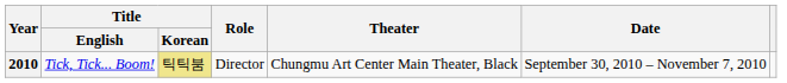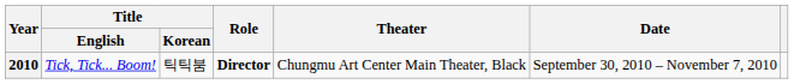 <table class="wikitable sortable plainrowheaders">
 <tr>
 <th rowspan="2" scope="col">Year</th>
 <th colspan="2" scope="col">Title</th>
 <th rowspan="2" scope="col">Role</th>
 <th rowspan="2" scope="col">Theater</th>
 <th rowspan="2" scope="col">Date</th>
 <th rowspan="2" scope="col" class="unsortable"></th>
 </tr>
 <tr>
 <th>English</th>
 <th>Korean</th>
 </tr>
 <tr>
 <th scope="row">2010</th>
 <td><em><a href='#'>Tick, Tick... Boom!</a></em></td>
-<td style="background: khaki;">틱틱붐</td>
-<td>Director</td>
+<td>틱틱붐</td>
+<td><strong>Director</strong></td>
 <td>Chungmu Art Center Main Theater, Black</td>
 <td>September 30, 2010 – November 7, 2010</td>
 <td></td>
 </tr>
 </table>
